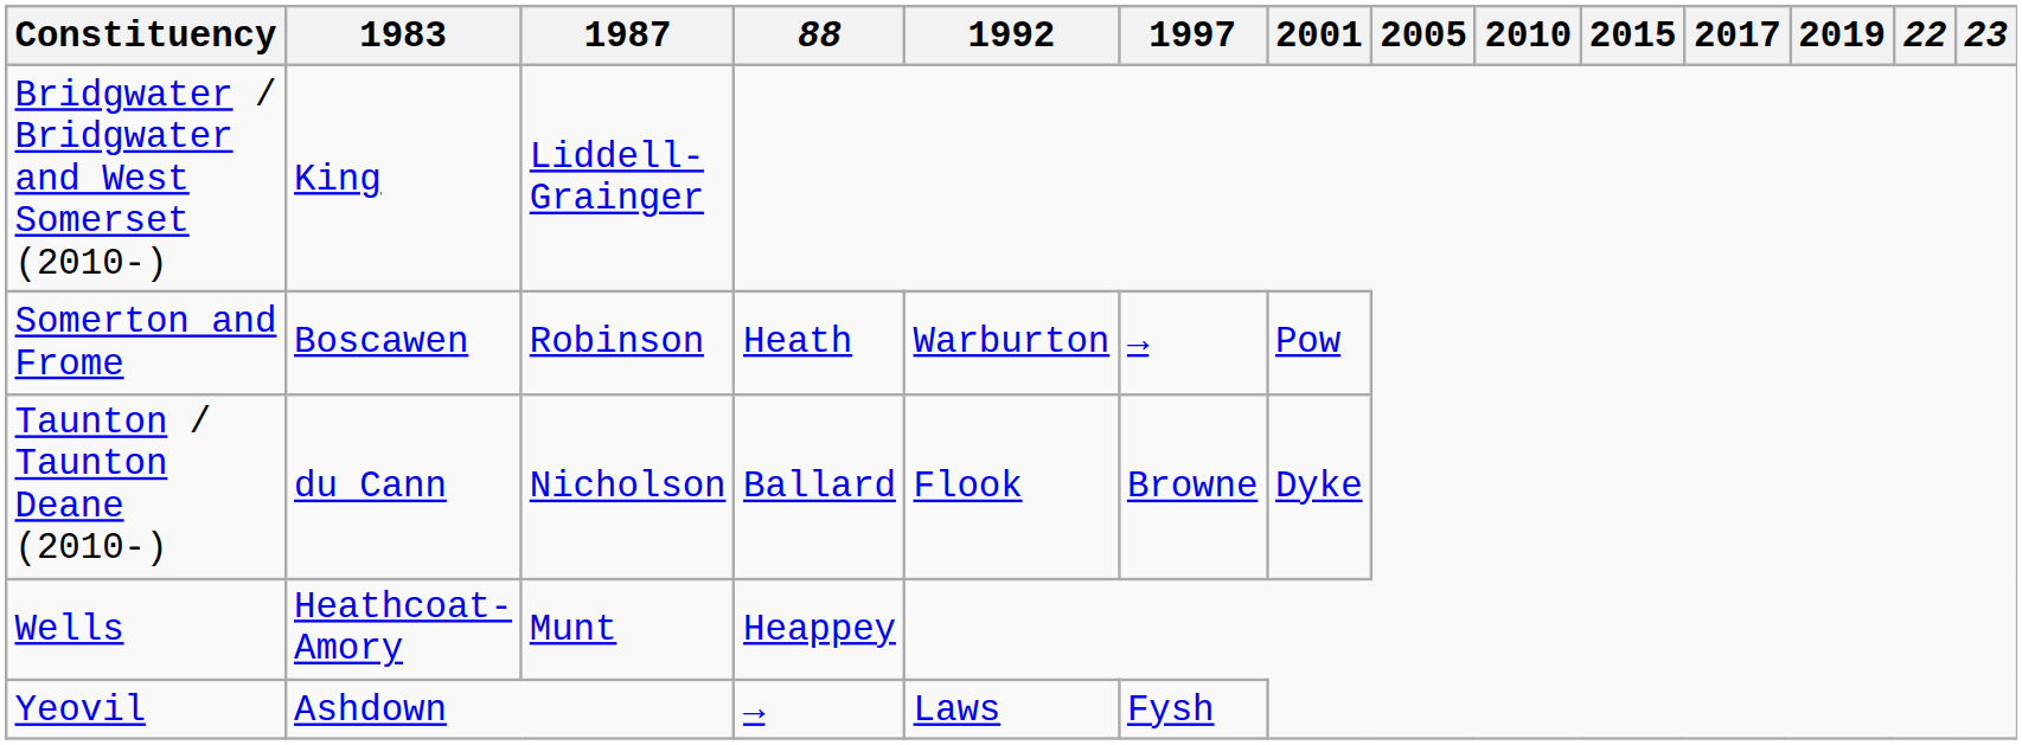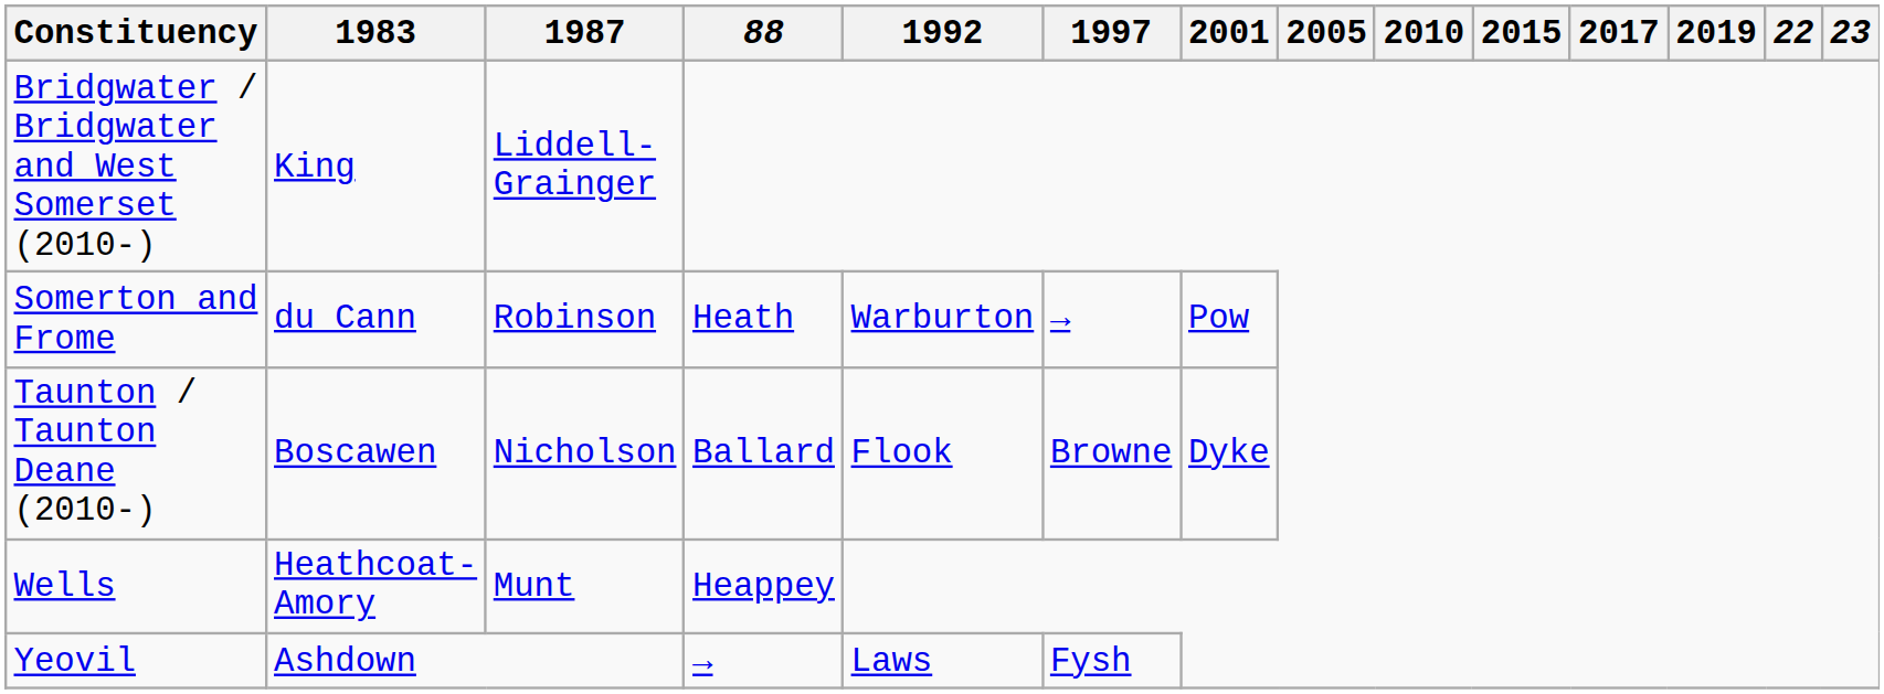 <table class="wikitable">
 <tr>
 <th>Constituency</th>
 <th>1983</th>
 <th>1987</th>
 <th><em>88</em></th>
 <th>1992</th>
 <th>1997</th>
 <th>2001</th>
 <th>2005</th>
 <th>2010</th>
 <th>2015</th>
 <th>2017</th>
 <th>2019</th>
 <th><em>22</em></th>
 <th><em>23</em></th>
 </tr>
 <tr>
 <td><a href='#'>Bridgwater</a> / <a href='#'>Bridgwater and West Somerset</a> (2010-)</td>
 <td><a href='#'>King</a></td>
 <td><a href='#'>Liddell-Grainger</a></td>
 </tr>
 <tr>
 <td><a href='#'>Somerton and Frome</a></td>
-<td><a href='#'>Boscawen</a></td>
+<td><a href='#'>du Cann</a></td>
 <td><a href='#'>Robinson</a></td>
 <td><a href='#'>Heath</a></td>
 <td><a href='#'>Warburton</a></td>
 <td><a href='#'>→</a></td>
 <td><a href='#'>Pow</a></td>
 </tr>
 <tr>
 <td><a href='#'>Taunton</a> / <a href='#'>Taunton Deane</a> (2010-)</td>
-<td><a href='#'>du Cann</a></td>
+<td><a href='#'>Boscawen</a></td>
 <td><a href='#'>Nicholson</a></td>
 <td><a href='#'>Ballard</a></td>
 <td><a href='#'>Flook</a></td>
 <td><a href='#'>Browne</a></td>
 <td><a href='#'>Dyke</a></td>
 </tr>
 <tr>
 <td><a href='#'>Wells</a></td>
 <td><a href='#'>Heathcoat-Amory</a></td>
 <td><a href='#'>Munt</a></td>
 <td><a href='#'>Heappey</a></td>
 </tr>
 <tr>
 <td><a href='#'>Yeovil</a></td>
 <td colspan="2"><a href='#'>Ashdown</a></td>
 <td><a href='#'>→</a></td>
 <td><a href='#'>Laws</a></td>
 <td><a href='#'>Fysh</a></td>
 </tr>
 </table>
